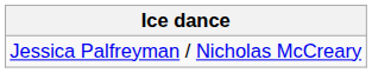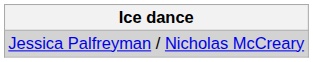 <table class="wikitable">
 <tr>
 <th>Ice dance</th>
 </tr>
 <tr>
-<td><a href='#'>Jessica Palfreyman</a> / <a href='#'>Nicholas McCreary</a></td>
+<td style="background: lightgrey;"><a href='#'>Jessica Palfreyman</a> / <a href='#'>Nicholas McCreary</a></td>
 </tr>
 </table>
